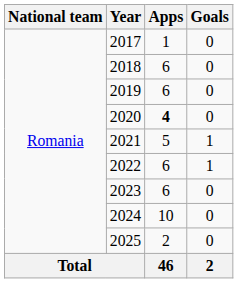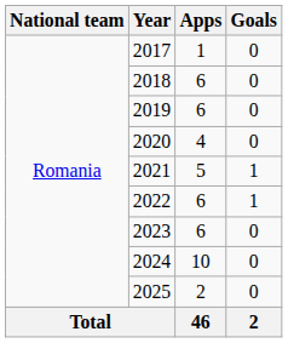 <table class="wikitable" style="text-align:center">
 <tr>
 <th>National team</th>
 <th>Year</th>
 <th>Apps</th>
 <th>Goals</th>
 </tr>
 <tr>
 <td rowspan="9"><a href='#'>Romania</a></td>
 <td>2017</td>
 <td>1</td>
 <td>0</td>
 </tr>
 <tr>
 <td>2018</td>
 <td>6</td>
 <td>0</td>
 </tr>
 <tr>
 <td>2019</td>
 <td>6</td>
 <td>0</td>
 </tr>
 <tr>
 <td>2020</td>
-<td><strong>4</strong></td>
+<td>4</td>
 <td>0</td>
 </tr>
 <tr>
 <td>2021</td>
 <td>5</td>
 <td>1</td>
 </tr>
 <tr>
 <td>2022</td>
 <td>6</td>
 <td>1</td>
 </tr>
 <tr>
 <td>2023</td>
 <td>6</td>
 <td>0</td>
 </tr>
 <tr>
 <td>2024</td>
 <td>10</td>
 <td>0</td>
 </tr>
 <tr>
 <td>2025</td>
 <td>2</td>
 <td>0</td>
 </tr>
 <tr>
 <th colspan="2">Total</th>
 <th>46</th>
 <th>2</th>
 </tr>
 </table>
